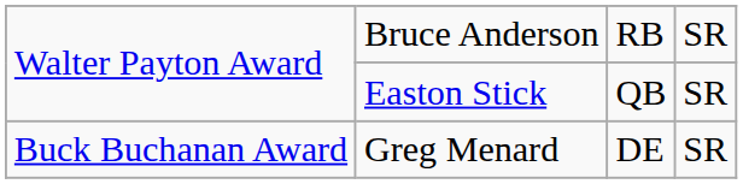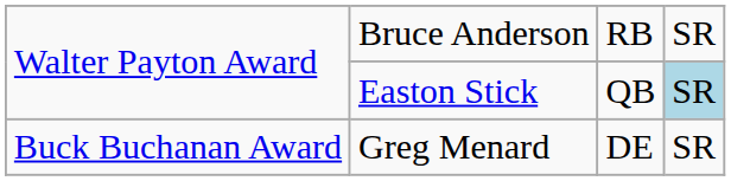 <table class="wikitable">
 <tr>
 <td rowspan=2><a href='#'>Walter Payton Award</a></td>
 <td>Bruce Anderson</td>
 <td>RB</td>
 <td>SR</td>
 </tr>
 <tr>
 <td><a href='#'>Easton Stick</a></td>
 <td>QB</td>
-<td>SR</td>
+<td style="background: lightblue;">SR</td>
 </tr>
 <tr>
 <td><a href='#'>Buck Buchanan Award</a></td>
 <td>Greg Menard</td>
 <td>DE</td>
 <td>SR</td>
 </tr>
 </table>
